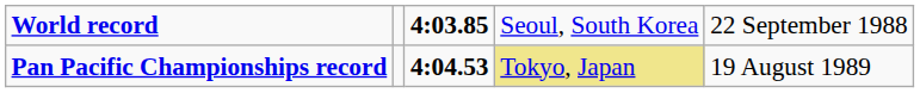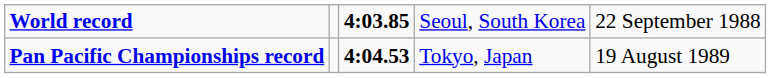 <table class="wikitable">
 <tr>
 <td><strong><a href='#'>World record</a></strong></td>
 <td></td>
 <td><strong>4:03.85</strong></td>
 <td><a href='#'>Seoul</a>, <a href='#'>South Korea</a></td>
 <td>22 September 1988</td>
 </tr>
 <tr>
 <td><strong><a href='#'>Pan Pacific Championships record</a></strong></td>
 <td></td>
 <td><strong>4:04.53</strong></td>
-<td style="background: khaki;"><a href='#'>Tokyo</a>, <a href='#'>Japan</a></td>
+<td><a href='#'>Tokyo</a>, <a href='#'>Japan</a></td>
 <td>19 August 1989</td>
 </tr>
 </table>
